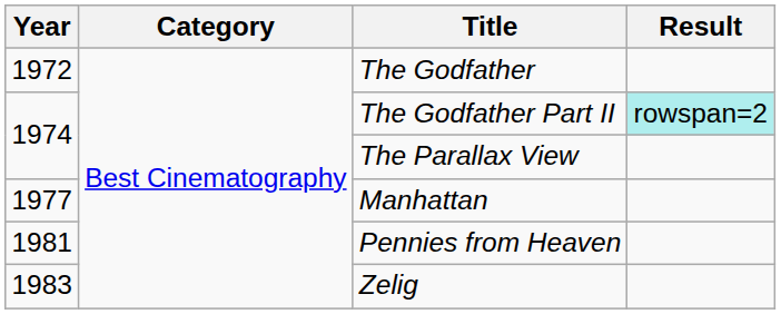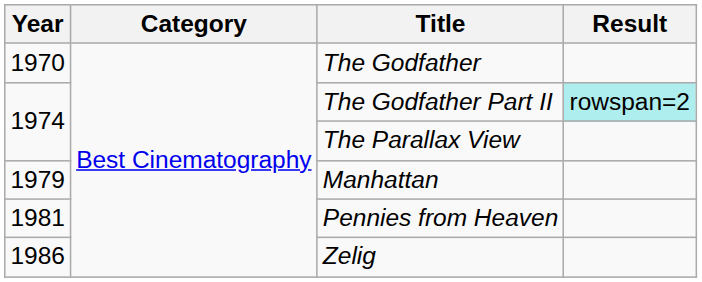 <table class="wikitable">
 <tr>
 <th>Year</th>
 <th>Category</th>
 <th>Title</th>
 <th>Result</th>
 </tr>
 <tr>
-<td>1972</td>
+<td>1970</td>
 <td rowspan=6><a href='#'>Best Cinematography</a></td>
 <td><em>The Godfather</em></td>
 <td></td>
 </tr>
 <tr>
 <td rowspan=2>1974</td>
 <td><em>The Godfather Part II</em></td>
 <td style="background: paleturquoise;">rowspan=2 </td>
 </tr>
 <tr>
 <td><em>The Parallax View</em></td>
 </tr>
 <tr>
-<td>1977</td>
+<td>1979</td>
 <td><em>Manhattan</em></td>
 <td></td>
 </tr>
 <tr>
 <td>1981</td>
 <td><em>Pennies from Heaven</em></td>
 <td></td>
 </tr>
 <tr>
-<td>1983</td>
+<td>1986</td>
 <td><em>Zelig</em></td>
 <td></td>
 </tr>
 </table>
